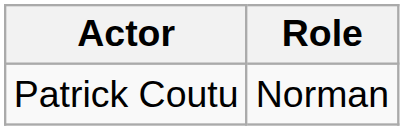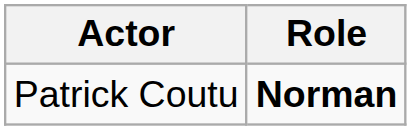 <table class=wikitable>
 <tr>
 <th>Actor</th>
 <th>Role</th>
 </tr>
 <tr>
 <td>Patrick Coutu</td>
-<td>Norman</td>
+<td><strong>Norman</strong></td>
 </tr>
 </table>
